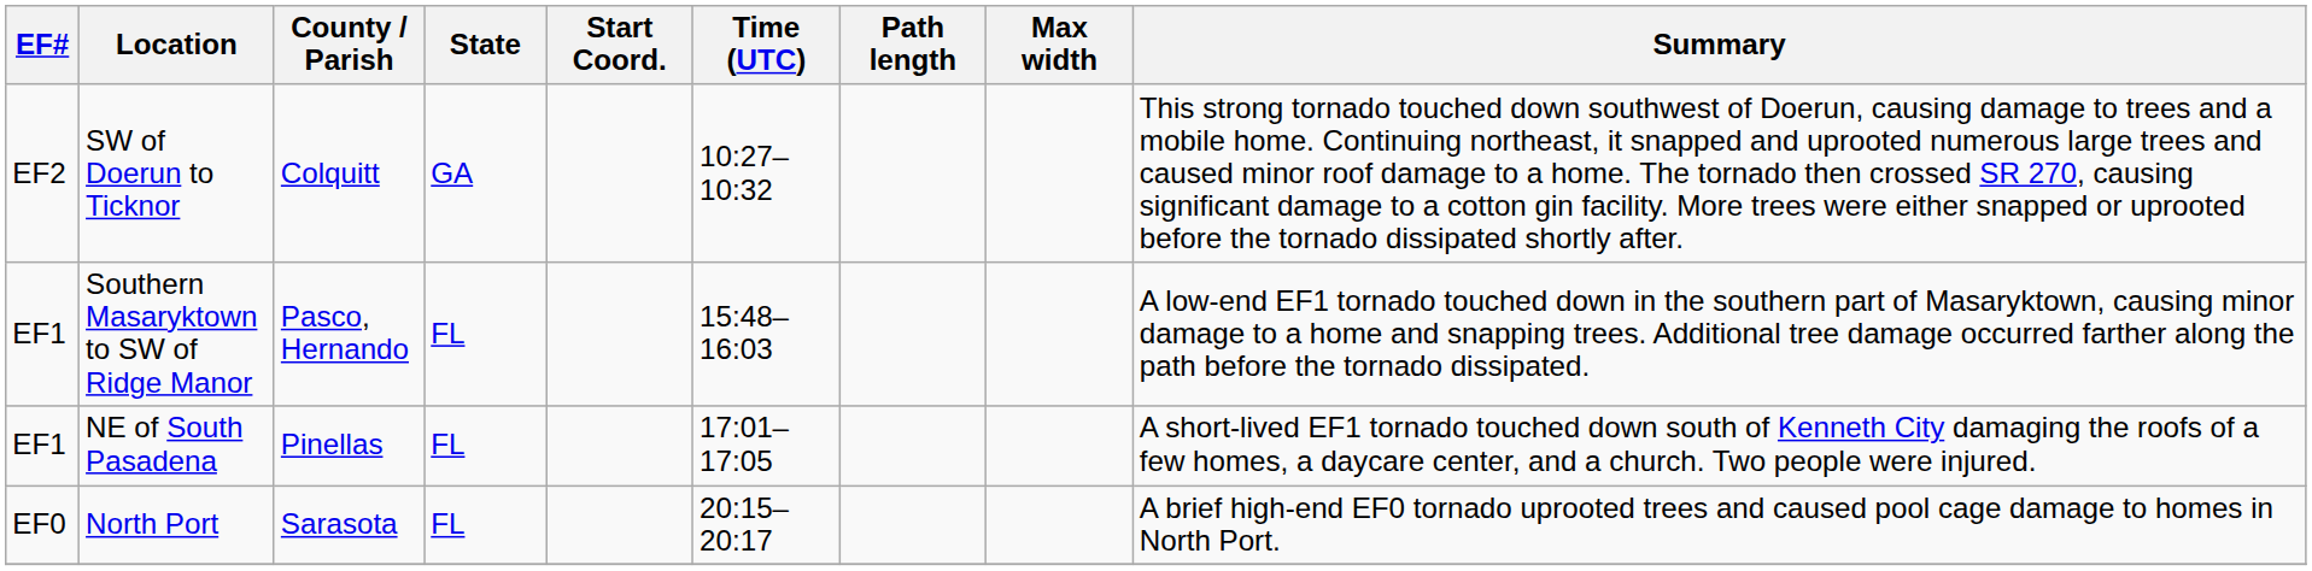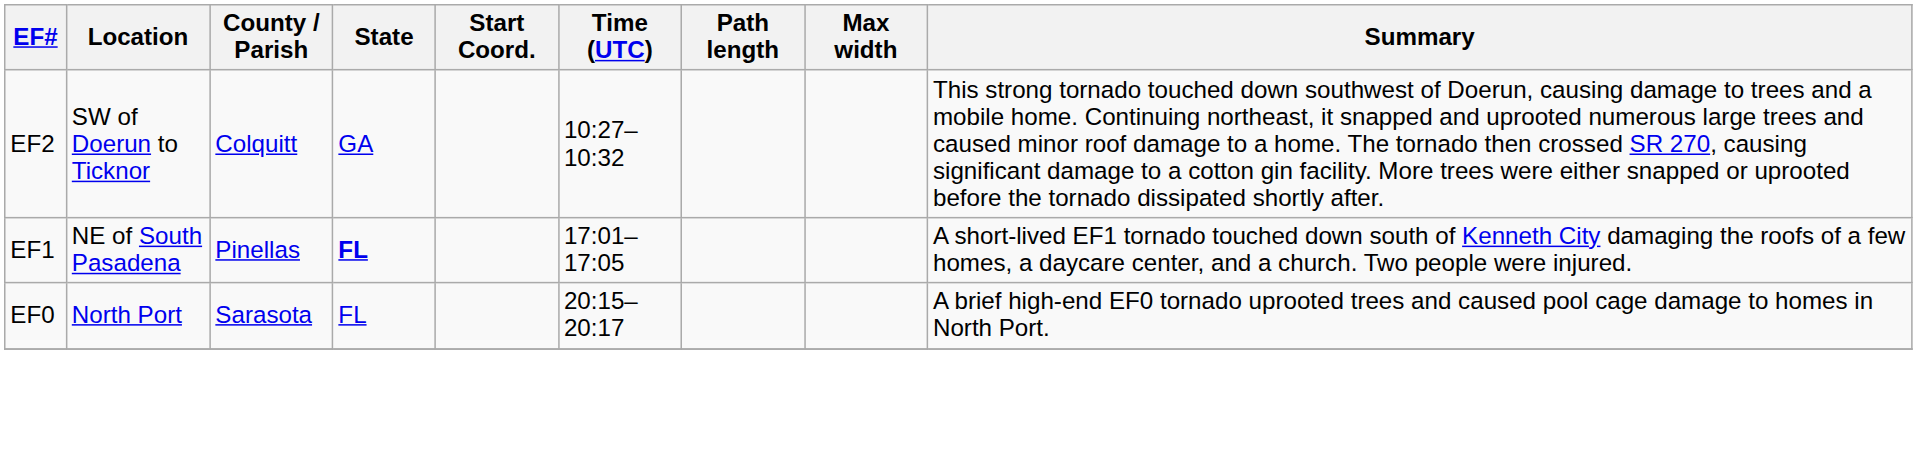 <table class="wikitable sortable" style="width:100%;">
 <tr>
 <th scope="col"  style="width:3%; text-align:center;"><a href='#'>EF#</a></th>
 <th scope="col"  style="width:7%; text-align:center;" class="unsortable">Location</th>
 <th scope="col"  style="width:6%; text-align:center;" class="unsortable">County / Parish</th>
 <th scope="col"  style="width:5%; text-align:center;">State</th>
 <th scope="col"  style="width:6%; text-align:center;">Start Coord.</th>
 <th scope="col"  style="width:6%; text-align:center;">Time (<a href='#'>UTC</a>)</th>
 <th scope="col"  style="width:6%; text-align:center;">Path length</th>
 <th scope="col"  style="width:6%; text-align:center;">Max width</th>
 <th scope="col" class="unsortable" style="width:48%; text-align:center;">Summary</th>
 </tr>
 <tr>
 <td>EF2</td>
 <td>SW of <a href='#'>Doerun</a> to <a href='#'>Ticknor</a></td>
 <td><a href='#'>Colquitt</a></td>
 <td><a href='#'>GA</a></td>
 <td></td>
 <td>10:27–10:32</td>
 <td></td>
 <td></td>
 <td>This strong tornado touched down southwest of Doerun, causing damage to trees and a mobile home. Continuing northeast, it snapped and uprooted numerous large trees and caused minor roof damage to a home. The tornado then crossed <a href='#'>SR 270</a>, causing significant damage to a cotton gin facility. More trees were either snapped or uprooted before the tornado dissipated shortly after.</td>
 </tr>
 <tr>
 <td>EF1</td>
-<td>Southern <a href='#'>Masaryktown</a> to SW of <a href='#'>Ridge Manor</a></td>
-<td><a href='#'>Pasco</a>, <a href='#'>Hernando</a></td>
-<td><a href='#'>FL</a></td>
-<td></td>
-<td>15:48–16:03 </td>
-<td></td>
-<td></td>
-<td>A low-end EF1 tornado touched down in the southern part of Masaryktown, causing minor damage to a home and snapping trees. Additional tree damage occurred farther along the path before the tornado dissipated.</td>
-</tr>
-<tr>
-<td>EF1</td>
 <td>NE of <a href='#'>South Pasadena</a></td>
 <td><a href='#'>Pinellas</a></td>
-<td><a href='#'>FL</a></td>
+<td><strong><a href='#'>FL</a></strong></td>
 <td></td>
 <td>17:01–17:05 </td>
 <td></td>
 <td></td>
 <td>A short-lived EF1 tornado touched down south of <a href='#'>Kenneth City</a> damaging the roofs of a few homes, a daycare center, and a church. Two people were injured.</td>
 </tr>
 <tr>
 <td>EF0</td>
 <td><a href='#'>North Port</a></td>
 <td><a href='#'>Sarasota</a></td>
 <td><a href='#'>FL</a></td>
 <td></td>
 <td>20:15–20:17 </td>
 <td></td>
 <td></td>
 <td>A brief high-end EF0 tornado uprooted trees and caused pool cage damage to homes in North Port.</td>
 </tr>
 <tr>
 </tr>
 </table>
